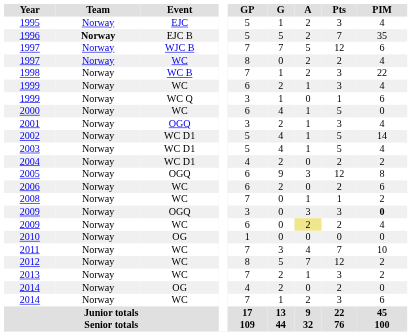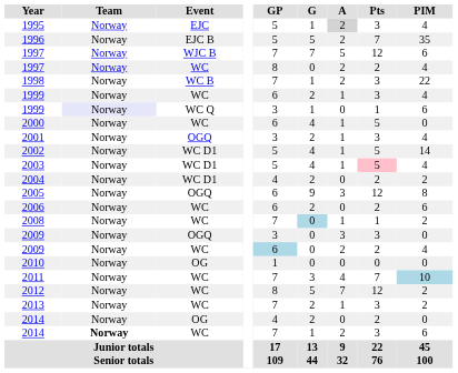 <table border="0" cellpadding="1" cellspacing="0" style="text-align:center; width:40em">
 <tr ALIGN="center" bgcolor="#e0e0e0">
 <th>Year</th>
 <th>Team</th>
 <th>Event</th>
 <th rowspan="99" bgcolor="#ffffff"> </th>
 <th>GP</th>
 <th>G</th>
 <th>A</th>
 <th>Pts</th>
 <th>PIM</th>
 </tr>
 <tr>
 <td><a href='#'>1995</a></td>
 <td><a href='#'>Norway</a></td>
 <td><a href='#'>EJC</a></td>
 <td>5</td>
 <td>1</td>
-<td>2</td>
+<td style="background: lightgrey;">2</td>
 <td>3</td>
 <td>4</td>
 </tr>
 <tr bgcolor="#f0f0f0">
 <td><a href='#'>1996</a></td>
-<td><strong>Norway</strong></td>
+<td>Norway</td>
 <td>EJC B</td>
 <td>5</td>
 <td>5</td>
 <td>2</td>
 <td>7</td>
 <td>35</td>
 </tr>
 <tr>
 <td><a href='#'>1997</a></td>
 <td><a href='#'>Norway</a></td>
 <td><a href='#'>WJC B</a></td>
 <td>7</td>
 <td>7</td>
 <td>5</td>
 <td>12</td>
 <td>6</td>
 </tr>
 <tr bgcolor="#f0f0f0">
 <td><a href='#'>1997</a></td>
 <td><a href='#'>Norway</a></td>
 <td><a href='#'>WC</a></td>
 <td>8</td>
 <td>0</td>
 <td>2</td>
 <td>2</td>
 <td>4</td>
 </tr>
 <tr>
 <td><a href='#'>1998</a></td>
 <td>Norway</td>
 <td><a href='#'>WC B</a></td>
 <td>7</td>
 <td>1</td>
 <td>2</td>
 <td>3</td>
 <td>22</td>
 </tr>
 <tr bgcolor="#f0f0f0">
 <td><a href='#'>1999</a></td>
 <td>Norway</td>
 <td>WC</td>
 <td>6</td>
 <td>2</td>
 <td>1</td>
 <td>3</td>
 <td>4</td>
 </tr>
 <tr>
 <td><a href='#'>1999</a></td>
-<td>Norway</td>
+<td style="background: lavender;">Norway</td>
 <td>WC Q</td>
 <td>3</td>
 <td>1</td>
 <td>0</td>
 <td>1</td>
 <td>6</td>
 </tr>
 <tr bgcolor="#f0f0f0">
 <td><a href='#'>2000</a></td>
 <td>Norway</td>
 <td>WC</td>
 <td>6</td>
 <td>4</td>
 <td>1</td>
 <td>5</td>
 <td>0</td>
 </tr>
 <tr>
 <td><a href='#'>2001</a></td>
 <td>Norway</td>
 <td><a href='#'>OGQ</a></td>
 <td>3</td>
 <td>2</td>
 <td>1</td>
 <td>3</td>
 <td>4</td>
 </tr>
 <tr bgcolor="#f0f0f0">
 <td><a href='#'>2002</a></td>
 <td>Norway</td>
 <td>WC D1</td>
 <td>5</td>
 <td>4</td>
 <td>1</td>
 <td>5</td>
 <td>14</td>
 </tr>
 <tr>
 <td><a href='#'>2003</a></td>
 <td>Norway</td>
 <td>WC D1</td>
 <td>5</td>
 <td>4</td>
 <td>1</td>
-<td>5</td>
+<td style="background: pink;">5</td>
 <td>4</td>
 </tr>
 <tr bgcolor="#f0f0f0">
 <td><a href='#'>2004</a></td>
 <td>Norway</td>
 <td>WC D1</td>
 <td>4</td>
 <td>2</td>
 <td>0</td>
 <td>2</td>
 <td>2</td>
 </tr>
 <tr>
 <td><a href='#'>2005</a></td>
 <td>Norway</td>
 <td>OGQ</td>
 <td>6</td>
 <td>9</td>
 <td>3</td>
 <td>12</td>
 <td>8</td>
 </tr>
 <tr bgcolor="#f0f0f0">
 <td><a href='#'>2006</a></td>
 <td>Norway</td>
 <td>WC</td>
 <td>6</td>
 <td>2</td>
 <td>0</td>
 <td>2</td>
 <td>6</td>
 </tr>
 <tr>
 <td><a href='#'>2008</a></td>
 <td>Norway</td>
 <td>WC</td>
 <td>7</td>
-<td>0</td>
+<td style="background: lightblue;">0</td>
 <td>1</td>
 <td>1</td>
 <td>2</td>
 </tr>
 <tr bgcolor="#f0f0f0">
 <td><a href='#'>2009</a></td>
 <td>Norway</td>
 <td>OGQ</td>
 <td>3</td>
 <td>0</td>
 <td>3</td>
 <td>3</td>
-<td><strong>0</strong></td>
+<td>0</td>
 </tr>
 <tr>
 <td><a href='#'>2009</a></td>
 <td>Norway</td>
 <td>WC</td>
-<td>6</td>
+<td style="background: lightblue;">6</td>
 <td>0</td>
-<td style="background: khaki;">2</td>
+<td>2</td>
 <td>2</td>
 <td>4</td>
 </tr>
 <tr bgcolor="#f0f0f0">
 <td><a href='#'>2010</a></td>
 <td>Norway</td>
 <td>OG</td>
 <td>1</td>
 <td>0</td>
 <td>0</td>
 <td>0</td>
 <td>0</td>
 </tr>
 <tr>
 <td><a href='#'>2011</a></td>
 <td>Norway</td>
 <td>WC</td>
 <td>7</td>
 <td>3</td>
 <td>4</td>
 <td>7</td>
-<td>10</td>
+<td style="background: lightblue;">10</td>
 </tr>
 <tr bgcolor="#f0f0f0">
 <td><a href='#'>2012</a></td>
 <td>Norway</td>
 <td>WC</td>
 <td>8</td>
 <td>5</td>
 <td>7</td>
 <td>12</td>
 <td>2</td>
 </tr>
 <tr>
 <td><a href='#'>2013</a></td>
 <td>Norway</td>
 <td>WC</td>
 <td>7</td>
 <td>2</td>
 <td>1</td>
 <td>3</td>
 <td>2</td>
 </tr>
 <tr bgcolor="#f0f0f0">
 <td><a href='#'>2014</a></td>
 <td>Norway</td>
 <td>OG</td>
 <td>4</td>
 <td>2</td>
 <td>0</td>
 <td>2</td>
 <td>0</td>
 </tr>
 <tr>
 <td><a href='#'>2014</a></td>
-<td>Norway</td>
+<td><strong>Norway</strong></td>
 <td>WC</td>
 <td>7</td>
 <td>1</td>
 <td>2</td>
 <td>3</td>
 <td>6</td>
 </tr>
 <tr bgcolor="#e0e0e0">
 <th colspan=3>Junior totals</th>
 <th>17</th>
 <th>13</th>
 <th>9</th>
 <th>22</th>
 <th>45</th>
 </tr>
 <tr bgcolor="#e0e0e0">
 <th colspan=3>Senior totals</th>
 <th>109</th>
 <th>44</th>
 <th>32</th>
 <th>76</th>
 <th>100</th>
 </tr>
 </table>
